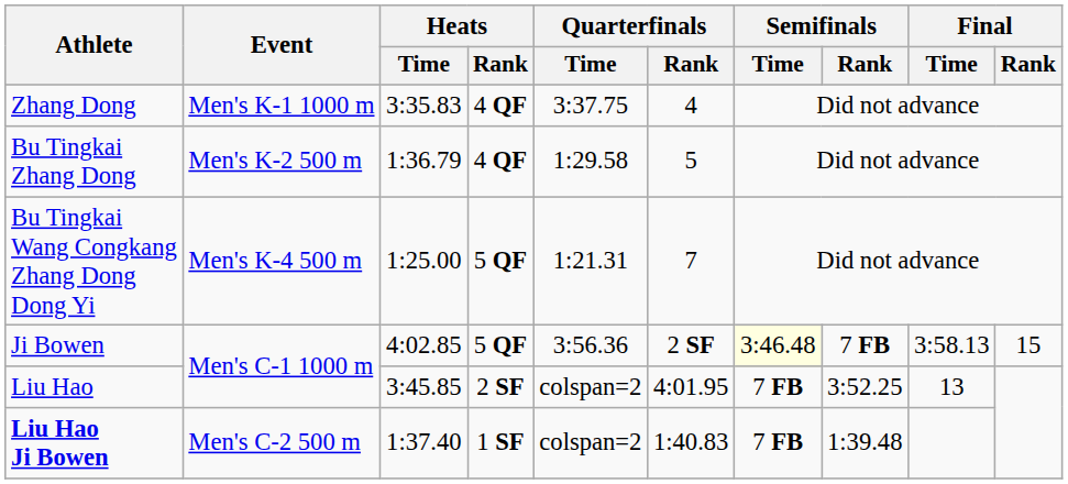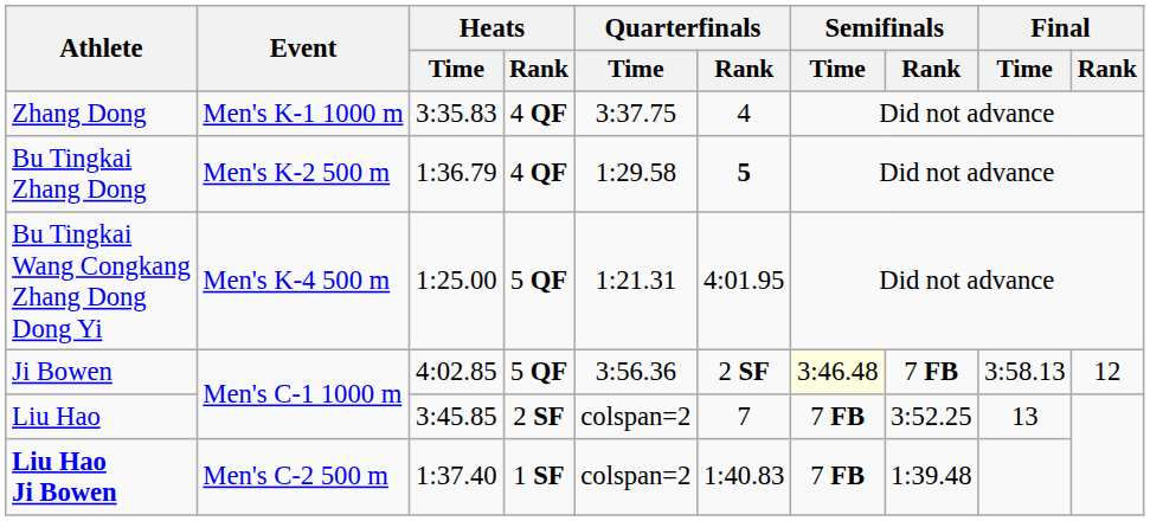 <table class=wikitable style="font-size:90%">
 <tr>
 <th rowspan="2">Athlete</th>
 <th rowspan="2">Event</th>
 <th colspan=2>Heats</th>
 <th colspan=2>Quarterfinals</th>
 <th colspan=2>Semifinals</th>
 <th colspan=2>Final</th>
 </tr>
 <tr style="font-size:95%">
 <th>Time</th>
 <th>Rank</th>
 <th>Time</th>
 <th>Rank</th>
 <th>Time</th>
 <th>Rank</th>
 <th>Time</th>
 <th>Rank</th>
 </tr>
 <tr align=center>
 <td align=left><a href='#'>Zhang Dong</a></td>
 <td align=left><a href='#'>Men's K-1 1000 m</a></td>
 <td>3:35.83</td>
 <td>4 <strong>QF</strong></td>
 <td>3:37.75</td>
 <td>4</td>
 <td colspan=4>Did not advance</td>
 </tr>
 <tr align=center>
 <td align=left><a href='#'>Bu Tingkai</a><br><a href='#'>Zhang Dong</a></td>
 <td align=left><a href='#'>Men's K-2 500 m</a></td>
 <td>1:36.79</td>
 <td>4 <strong>QF</strong></td>
 <td>1:29.58</td>
-<td>5</td>
+<td><strong>5</strong></td>
 <td colspan=4>Did not advance</td>
 </tr>
 <tr align=center>
 <td align=left><a href='#'>Bu Tingkai</a><br><a href='#'>Wang Congkang</a><br><a href='#'>Zhang Dong</a><br><a href='#'>Dong Yi</a></td>
 <td align=left><a href='#'>Men's K-4 500 m</a></td>
 <td>1:25.00</td>
 <td>5 <strong>QF</strong></td>
 <td>1:21.31</td>
-<td>7</td>
+<td>4:01.95</td>
 <td colspan=4>Did not advance</td>
 </tr>
 <tr align=center>
 <td align=left><a href='#'>Ji Bowen</a></td>
 <td align=left rowspan=2><a href='#'>Men's C-1 1000 m</a></td>
 <td>4:02.85</td>
 <td>5 <strong>QF</strong></td>
 <td>3:56.36</td>
 <td>2 <strong>SF</strong></td>
 <td style="background: lightyellow;">3:46.48</td>
 <td>7 <strong>FB</strong></td>
 <td>3:58.13</td>
-<td>15</td>
+<td>12</td>
 </tr>
 <tr align=center>
 <td align=left><a href='#'>Liu Hao</a></td>
 <td>3:45.85</td>
 <td>2 <strong>SF</strong></td>
 <td>colspan=2</td>
-<td>4:01.95</td>
+<td>7</td>
 <td>7 <strong>FB</strong></td>
 <td>3:52.25</td>
 <td>13</td>
 </tr>
 <tr align=center>
 <td align=left><strong><a href='#'>Liu Hao</a><br><a href='#'>Ji Bowen</a></strong></td>
 <td align=left><a href='#'>Men's C-2 500 m</a></td>
 <td>1:37.40</td>
 <td>1 <strong>SF</strong></td>
 <td>colspan=2</td>
 <td>1:40.83</td>
 <td>7 <strong>FB</strong></td>
 <td>1:39.48</td>
 <td></td>
 </tr>
 </table>
